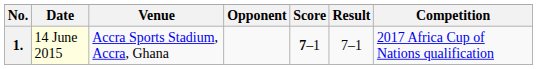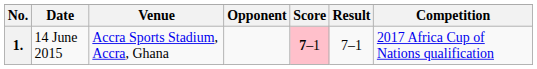 <table class="wikitable plainrowheaders">
 <tr>
 </tr>
 <tr>
 <th scope=col>No.</th>
 <th scope=col data-sort-type=date>Date</th>
 <th scope=col>Venue</th>
 <th scope=col>Opponent</th>
 <th scope=col>Score</th>
 <th scope=col>Result</th>
 <th scope=col>Competition</th>
 </tr>
 <tr>
 <th scope=row>1.</th>
-<td style="background: lightyellow;">14 June 2015</td>
+<td>14 June 2015</td>
 <td><a href='#'>Accra Sports Stadium</a>, <a href='#'>Accra</a>, Ghana</td>
 <td></td>
-<td align=center><strong>7</strong>–1</td>
+<td align=center style="background: pink;"><strong>7</strong>–1</td>
 <td align=center>7–1</td>
 <td><a href='#'>2017 Africa Cup of Nations qualification</a></td>
 </tr>
 </table>
